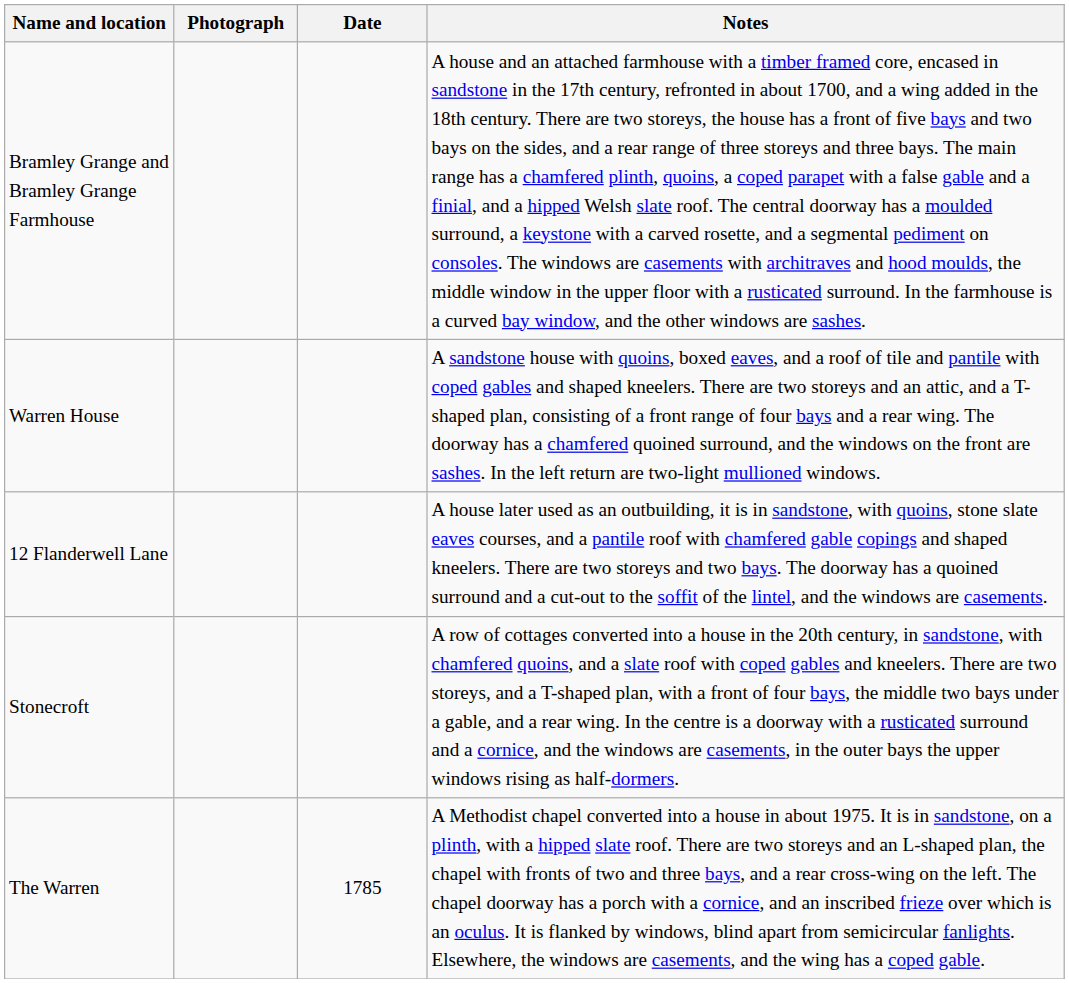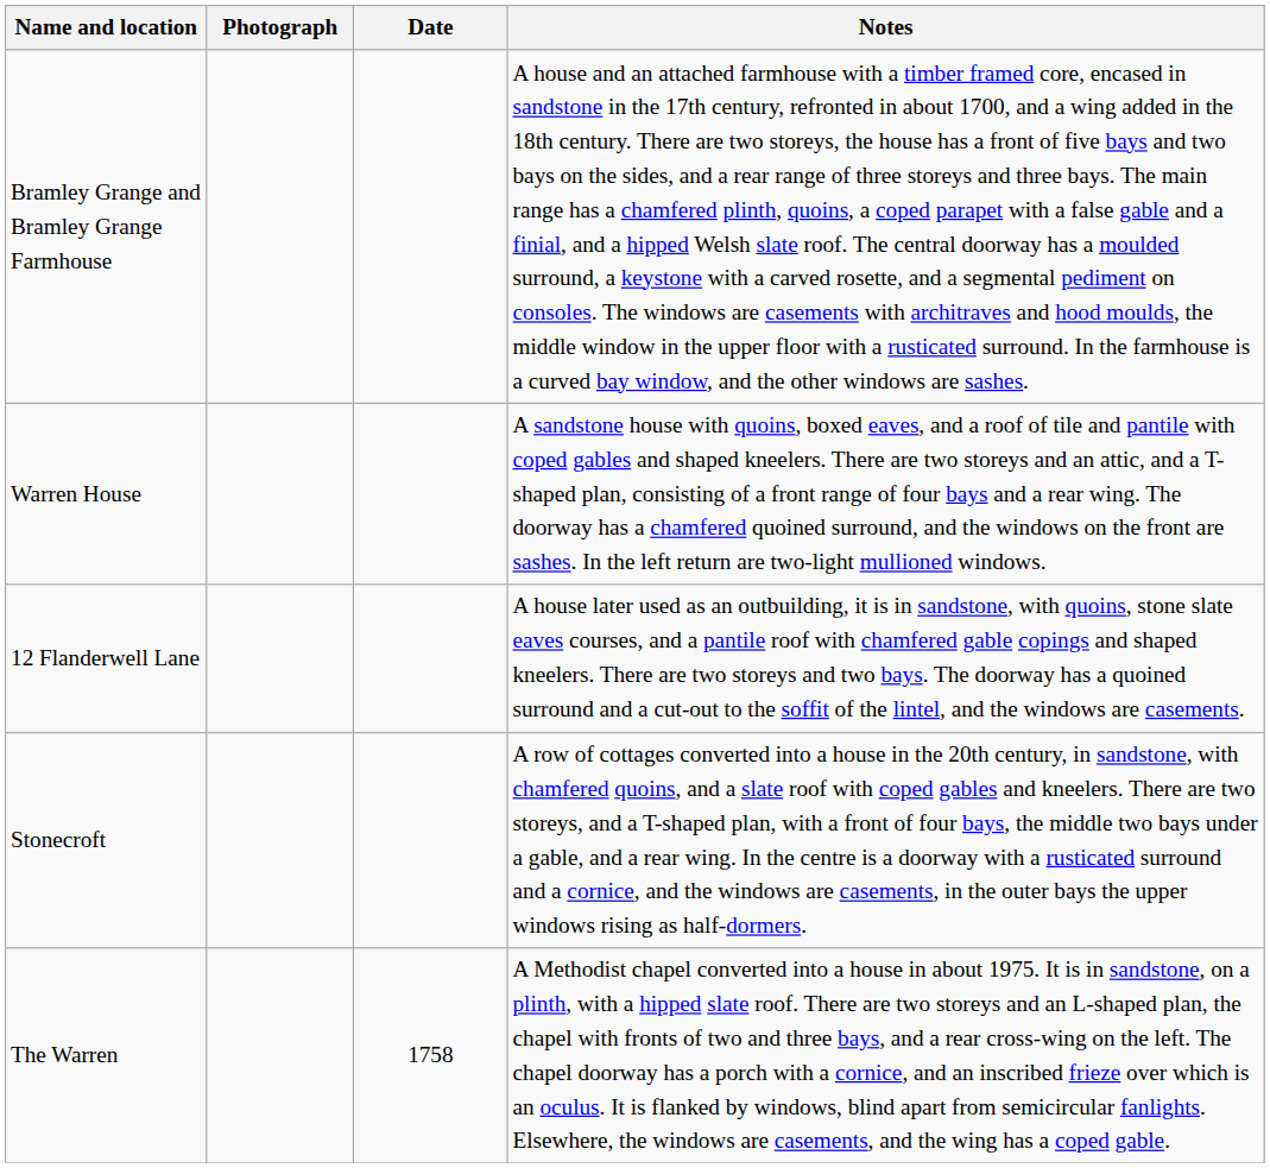 <table class="wikitable sortable plainrowheaders" style="width:100%;border:0px;text-align:left;line-height:150%;">
 <tr>
 <th scope="col"  style="width:150px">Name and location</th>
 <th scope="col"  style="width:100px" class="unsortable">Photograph</th>
 <th scope="col"  style="width:120px">Date</th>
 <th scope="col"  style="width:650px" class="unsortable">Notes</th>
 </tr>
 <tr>
 <td>Bramley Grange and Bramley Grange Farmhouse<br><small></small></td>
 <td></td>
 <td align="center"></td>
 <td>A house and an attached farmhouse with a <a href='#'>timber framed</a> core, encased in <a href='#'>sandstone</a> in the 17th century, refronted in about 1700, and a wing added in the 18th century.  There are two storeys, the house has a front of five <a href='#'>bays</a> and two bays on the sides, and a rear range of three storeys and three bays.  The main range has a <a href='#'>chamfered</a> <a href='#'>plinth</a>, <a href='#'>quoins</a>, a <a href='#'>coped</a> <a href='#'>parapet</a> with a false <a href='#'>gable</a> and a <a href='#'>finial</a>, and a <a href='#'>hipped</a> Welsh <a href='#'>slate</a> roof.  The central doorway has a <a href='#'>moulded</a> surround, a <a href='#'>keystone</a> with a carved rosette, and a segmental <a href='#'>pediment</a> on <a href='#'>consoles</a>.  The windows are <a href='#'>casements</a> with <a href='#'>architraves</a> and <a href='#'>hood moulds</a>, the middle window in the upper floor with a <a href='#'>rusticated</a> surround.  In the farmhouse is a curved <a href='#'>bay window</a>, and the other windows are <a href='#'>sashes</a>.</td>
 </tr>
 <tr>
 <td>Warren House<br><small></small></td>
 <td></td>
 <td align="center"></td>
 <td>A <a href='#'>sandstone</a> house with <a href='#'>quoins</a>, boxed <a href='#'>eaves</a>, and a roof of tile and <a href='#'>pantile</a> with <a href='#'>coped</a> <a href='#'>gables</a> and shaped kneelers.  There are two storeys and an attic, and a T-shaped plan, consisting of a front range of four <a href='#'>bays</a> and a rear wing.  The doorway has a <a href='#'>chamfered</a> quoined surround, and the windows on the front are <a href='#'>sashes</a>.  In the left return are two-light <a href='#'>mullioned</a> windows.</td>
 </tr>
 <tr>
 <td>12 Flanderwell Lane<br><small></small></td>
 <td></td>
 <td align="center"></td>
 <td>A house later used as an outbuilding, it is in <a href='#'>sandstone</a>, with <a href='#'>quoins</a>, stone slate <a href='#'>eaves</a> courses, and a <a href='#'>pantile</a> roof with <a href='#'>chamfered</a> <a href='#'>gable</a> <a href='#'>copings</a> and shaped kneelers.  There are two storeys and two <a href='#'>bays</a>.  The doorway has a quoined surround and a cut-out to the <a href='#'>soffit</a> of the <a href='#'>lintel</a>, and the windows are <a href='#'>casements</a>.</td>
 </tr>
 <tr>
 <td>Stonecroft<br><small></small></td>
 <td></td>
 <td align="center"></td>
 <td>A row of cottages converted into a house in the 20th century, in <a href='#'>sandstone</a>, with <a href='#'>chamfered</a> <a href='#'>quoins</a>, and a <a href='#'>slate</a> roof with <a href='#'>coped</a> <a href='#'>gables</a> and kneelers.  There are two storeys, and a T-shaped plan, with a front of four <a href='#'>bays</a>, the middle two bays under a gable, and a rear wing.  In the centre is a doorway with a <a href='#'>rusticated</a> surround and a <a href='#'>cornice</a>, and the windows are <a href='#'>casements</a>, in the outer bays the upper windows rising as half-<a href='#'>dormers</a>.</td>
 </tr>
 <tr>
 <td>The Warren<br><small></small></td>
 <td></td>
-<td align="center">1785</td>
+<td align="center">1758</td>
 <td>A Methodist chapel converted into a house in about 1975.  It is in <a href='#'>sandstone</a>, on a <a href='#'>plinth</a>, with a <a href='#'>hipped</a> <a href='#'>slate</a> roof.  There are two storeys and an L-shaped plan, the chapel with fronts of two and three <a href='#'>bays</a>, and a rear cross-wing on the left.  The chapel doorway has a porch with a <a href='#'>cornice</a>, and an inscribed <a href='#'>frieze</a> over which is an <a href='#'>oculus</a>.  It is flanked by windows, blind apart from semicircular <a href='#'>fanlights</a>.  Elsewhere, the windows are <a href='#'>casements</a>, and the wing has a <a href='#'>coped</a> <a href='#'>gable</a>.</td>
 </tr>
 <tr>
 </tr>
 </table>
